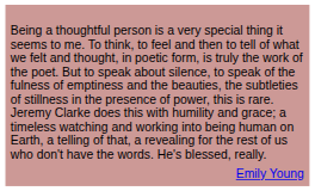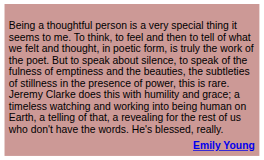 <table class="toccolours" style="float: right; margin-left: 2em; margin-right: 1em; font-size: 90%; background:#CC9996; width:30em; max-width: 40%;" cellspacing="5">
 <tr>
 <td style="text-align: left;"><br>Being a thoughtful person is a very special thing it seems to me.  To think, to feel and then to tell of what we felt and thought, in poetic form, is truly the work of the poet.  But to speak about silence, to speak of the fulness of emptiness and the beauties, the subtleties of stillness in the presence of power, this is rare.  Jeremy Clarke does this with humility and grace; a timeless watching and working into being human on Earth, a telling of that, a revealing for the rest of us who don't have the words.  He's blessed, really.</td>
 </tr>
 <tr>
-<td style="text-align: right;"><a href='#'>Emily Young</a></td>
+<td style="text-align: right;"><strong><a href='#'>Emily Young</a></strong></td>
 </tr>
 </table>
